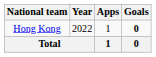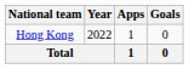 <table class="wikitable" style="text-align:center">
 <tr>
 <th>National team</th>
 <th>Year</th>
 <th>Apps</th>
 <th>Goals</th>
 </tr>
 <tr>
 <td><a href='#'>Hong Kong</a></td>
 <td>2022</td>
 <td>1</td>
-<td><strong>0</strong></td>
+<td>0</td>
 </tr>
 <tr>
 <th colspan="2">Total</th>
 <th>1</th>
 <th>0</th>
 </tr>
 </table>
